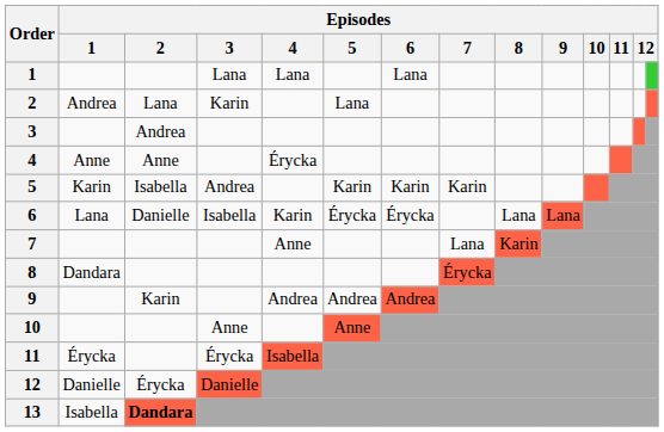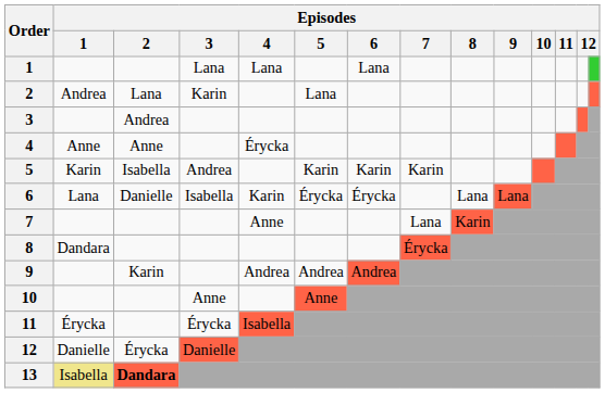 <table class="wikitable" style="text-align:center; font-size:90%">
 <tr>
 <th rowspan=2>Order</th>
 <th colspan=13>Episodes</th>
 </tr>
 <tr>
 <th>1</th>
 <th>2</th>
 <th>3</th>
 <th>4</th>
 <th>5</th>
 <th>6</th>
 <th>7</th>
 <th>8</th>
 <th>9</th>
 <th>10</th>
 <th>11</th>
 <th colspan=2>12</th>
 </tr>
 <tr>
 <th>1</th>
 <td></td>
 <td></td>
 <td>Lana</td>
 <td>Lana</td>
 <td></td>
 <td>Lana</td>
 <td></td>
 <td></td>
 <td></td>
 <td></td>
 <td></td>
 <td></td>
 <td bgcolor="limegreen"></td>
 </tr>
 <tr>
 <th>2</th>
 <td>Andrea</td>
 <td>Lana</td>
 <td>Karin</td>
 <td></td>
 <td>Lana</td>
 <td></td>
 <td></td>
 <td></td>
 <td></td>
 <td></td>
 <td></td>
 <td></td>
 <td bgcolor="tomato"></td>
 </tr>
 <tr>
 <th>3</th>
 <td></td>
 <td>Andrea</td>
 <td></td>
 <td></td>
 <td></td>
 <td></td>
 <td></td>
 <td></td>
 <td></td>
 <td></td>
 <td></td>
 <td bgcolor="tomato"></td>
 <td bgcolor="darkgray"></td>
 </tr>
 <tr>
 <th>4</th>
 <td>Anne</td>
 <td>Anne</td>
 <td></td>
 <td>Érycka</td>
 <td></td>
 <td></td>
 <td></td>
 <td></td>
 <td></td>
 <td></td>
 <td bgcolor="tomato"></td>
 <td bgcolor="darkgray" colspan=2></td>
 </tr>
 <tr>
 <th>5</th>
 <td>Karin</td>
 <td>Isabella</td>
 <td>Andrea</td>
 <td></td>
 <td>Karin</td>
 <td>Karin</td>
 <td>Karin</td>
 <td></td>
 <td></td>
 <td bgcolor="tomato"></td>
 <td bgcolor="darkgray" colspan=3></td>
 </tr>
 <tr>
 <th>6</th>
 <td>Lana</td>
 <td>Danielle</td>
 <td>Isabella</td>
 <td>Karin</td>
 <td>Érycka</td>
 <td>Érycka</td>
 <td></td>
 <td>Lana</td>
 <td bgcolor="tomato">Lana</td>
 <td bgcolor="darkgray" colspan=4></td>
 </tr>
 <tr>
 <th>7</th>
 <td></td>
 <td></td>
 <td></td>
 <td>Anne</td>
 <td></td>
 <td></td>
 <td>Lana</td>
 <td bgcolor="tomato">Karin</td>
 <td bgcolor="darkgray" colspan=5></td>
 </tr>
 <tr>
 <th>8</th>
 <td>Dandara</td>
 <td></td>
 <td></td>
 <td></td>
 <td></td>
 <td></td>
 <td bgcolor="tomato">Érycka</td>
 <td bgcolor="darkgray" colspan=6></td>
 </tr>
 <tr>
 <th>9</th>
 <td></td>
 <td>Karin</td>
 <td></td>
 <td>Andrea</td>
 <td>Andrea</td>
 <td bgcolor="tomato">Andrea</td>
 <td bgcolor="darkgray" colspan=7></td>
 </tr>
 <tr>
 <th>10</th>
 <td></td>
 <td></td>
 <td>Anne</td>
 <td></td>
 <td bgcolor="tomato">Anne</td>
 <td bgcolor="darkgray" colspan=8></td>
 </tr>
 <tr>
 <th>11</th>
 <td>Érycka</td>
 <td></td>
 <td>Érycka</td>
 <td bgcolor="tomato">Isabella</td>
 <td bgcolor="darkgray" colspan=9></td>
 </tr>
 <tr>
 <th>12</th>
 <td>Danielle</td>
 <td>Érycka</td>
 <td bgcolor="tomato">Danielle</td>
 <td bgcolor="darkgray" colspan=10></td>
 </tr>
 <tr>
 <th>13</th>
-<td>Isabella</td>
+<td style="background: khaki;">Isabella</td>
 <td bgcolor="tomato"><strong>Dandara</strong></td>
 <td bgcolor="darkgray" colspan=11></td>
 </tr>
 </table>
